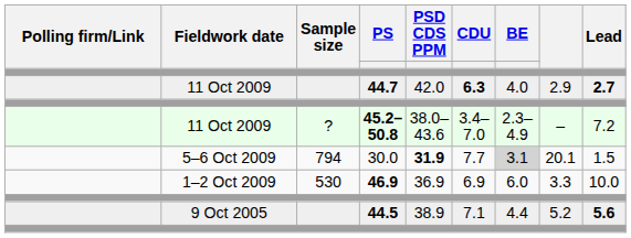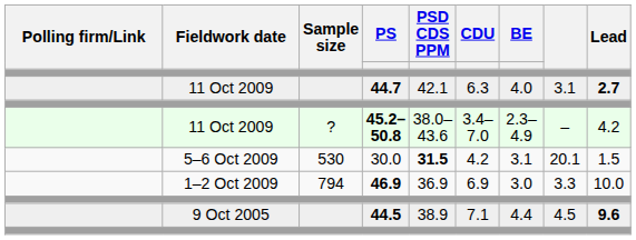 <table class="wikitable collapsible sortable" style="text-align:center; font-size:95%; line-height:16px;">
 <tr style="height:42px;">
 <th style="width:145px;" rowspan="2">Polling firm/Link</th>
 <th style="width:125px;" rowspan="2">Fieldwork date</th>
 <th class="unsortable" style="width:50px;" rowspan="2">Sample size</th>
 <th class="unsortable" style="width:35px;"><a href='#'>PS</a></th>
 <th class="unsortable" style="width:35px;"><a href='#'>PSD</a><br><a href='#'>CDS</a><br><a href='#'>PPM</a></th>
 <th class="unsortable" style="width:35px;"><a href='#'>CDU</a></th>
 <th class="unsortable" style="width:35px;"><a href='#'>BE</a></th>
 <th class="unsortable" style="width:35px;" rowspan="2"></th>
 <th class="unsortable" style="width:30px;" rowspan="2">Lead</th>
 </tr>
 <tr>
 <th class="unsortable" style="color:inherit;background:"></th>
 <th class="unsortable" style="color:inherit;background:"></th>
 <th class="unsortable" style="color:inherit;background:"></th>
 <th class="unsortable" style="color:inherit;background:"></th>
 </tr>
 <tr>
 <td colspan="10" style="background:#A0A0A0"></td>
 </tr>
 <tr style="background:#EFEFEF;">
 <td><strong></strong></td>
 <td data-sort-value="2019-10-06">11 Oct 2009</td>
 <td></td>
 <td><strong>44.7</strong><br></td>
-<td>42.0<br></td>
-<td><strong>6.3<br></strong></td>
+<td>42.1<br></td>
+<td>6.3<br></td>
 <td>4.0<br></td>
-<td>2.9<br></td>
+<td>3.1<br></td>
 <td style="background:"><strong>2.7</strong></td>
 </tr>
 <tr>
 <td colspan="10" style="background:#A0A0A0"></td>
 </tr>
 <tr>
 </tr>
 <tr style="background:#EAFFEA"|>
 <td></td>
 <td data-sort-value="2019-10-06">11 Oct 2009</td>
 <td>?</td>
 <td><strong>45.2–<br>50.8</strong></td>
 <td>38.0–<br>43.6</td>
 <td>3.4–<br>7.0</td>
 <td>2.3–<br>4.9</td>
 <td>–</td>
-<td style="background:">7.2</td>
+<td style="background:">4.2</td>
 </tr>
 <tr>
 <td align="center"></td>
 <td align="center">5–6 Oct 2009</td>
-<td>794</td>
+<td>530</td>
 <td align="center">30.0</td>
-<td align="center" ><strong>31.9</strong></td>
-<td align="center">7.7</td>
-<td align="center" style="background: lightgrey;">3.1</td>
+<td align="center" ><strong>31.5</strong></td>
+<td align="center">4.2</td>
+<td align="center">3.1</td>
 <td align="center">20.1</td>
 <td style="background:">1.5</td>
 </tr>
 <tr>
 <td align="center"></td>
 <td align="center">1–2 Oct 2009</td>
-<td>530</td>
+<td>794</td>
 <td align="center" ><strong>46.9</strong></td>
 <td align="center">36.9</td>
 <td align="center">6.9</td>
-<td align="center">6.0</td>
+<td align="center">3.0</td>
 <td align="center">3.3</td>
 <td style="background:">10.0</td>
 </tr>
 <tr>
 <td colspan="11" style="background:#A0A0A0"></td>
 </tr>
 <tr style="background:#EFEFEF;">
 <td><strong></strong></td>
 <td data-sort-value="2019-10-06">9 Oct 2005</td>
 <td></td>
 <td><strong>44.5</strong><br></td>
 <td>38.9<br></td>
 <td>7.1<br></td>
 <td>4.4<br></td>
-<td>5.2<br></td>
-<td style="background:"><strong>5.6</strong></td>
+<td>4.5<br></td>
+<td style="background:"><strong>9.6</strong></td>
 </tr>
 <tr>
 <td colspan="11" style="background:#A0A0A0"></td>
 </tr>
 </table>
